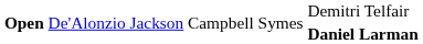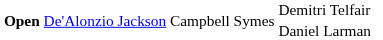 <table>
 <tr>
 <th scope=row rowspan=2>Open</th>
 <td rowspan=2> <a href='#'>De'Alonzio Jackson</a></td>
 <td rowspan=2> Campbell Symes</td>
 <td> Demitri Telfair</td>
 </tr>
 <tr>
-<td><strong> Daniel Larman</strong></td>
+<td> Daniel Larman</td>
 </tr>
 <tr>
 </tr>
 </table>
